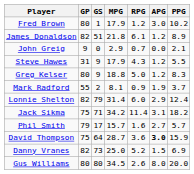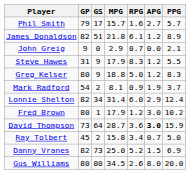 <table class="wikitable">
 <tr>
 <th>Player</th>
 <th>GP</th>
 <th>GS</th>
 <th>MPG</th>
 <th>RPG</th>
 <th>APG</th>
 <th>PPG</th>
 </tr>
 <tr style="text-align: center">
-<td><a href='#'>Fred Brown</a></td>
-<td>80</td>
-<td>1</td>
-<td>17.9</td>
-<td>1.2</td>
-<td>3.0</td>
-<td>10.2</td>
+<td><a href='#'>Phil Smith</a></td>
+<td>79</td>
+<td>17</td>
+<td>15.7</td>
+<td>1.6</td>
+<td>2.7</td>
+<td>5.7</td>
 </tr>
 <tr style="text-align: center">
 <td><a href='#'>James Donaldson</a></td>
 <td>82</td>
 <td>51</td>
 <td>21.8</td>
 <td>6.1</td>
 <td>1.2</td>
 <td>8.9</td>
 </tr>
 <tr style="text-align: center">
 <td><a href='#'>John Greig</a></td>
 <td>9</td>
 <td>0</td>
 <td>2.9</td>
 <td>0.7</td>
 <td>0.0</td>
 <td>2.1</td>
 </tr>
 <tr style="text-align: center">
 <td><a href='#'>Steve Hawes</a></td>
 <td>31</td>
 <td>9</td>
 <td>17.9</td>
-<td>4.3</td>
+<td>8.3</td>
 <td>1.2</td>
 <td>5.5</td>
 </tr>
 <tr style="text-align: center">
 <td><a href='#'>Greg Kelser</a></td>
 <td>80</td>
 <td>9</td>
 <td>18.8</td>
 <td>5.0</td>
 <td>1.2</td>
 <td>8.3</td>
 </tr>
 <tr style="text-align: center">
 <td><a href='#'>Mark Radford</a></td>
-<td>55</td>
+<td>54</td>
 <td>2</td>
 <td>8.1</td>
 <td>0.9</td>
 <td>1.9</td>
 <td>3.7</td>
 </tr>
 <tr style="text-align: center">
 <td><a href='#'>Lonnie Shelton</a></td>
 <td>82</td>
-<td>79</td>
+<td>34</td>
 <td>31.4</td>
 <td>6.0</td>
 <td>2.9</td>
 <td>12.4</td>
 </tr>
 <tr style="text-align: center">
-<td><a href='#'>Jack Sikma</a></td>
-<td>75</td>
-<td>71</td>
-<td>34.2</td>
-<td>11.4</td>
-<td>3.1</td>
-<td>18.2</td>
-</tr>
-<tr style="text-align: center">
-<td><a href='#'>Phil Smith</a></td>
-<td>79</td>
-<td>17</td>
-<td>15.7</td>
-<td>1.6</td>
-<td>2.7</td>
-<td>5.7</td>
+<td><a href='#'>Fred Brown</a></td>
+<td>80</td>
+<td>1</td>
+<td>17.9</td>
+<td>1.2</td>
+<td>3.0</td>
+<td>10.2</td>
 </tr>
 <tr style="text-align: center">
 <td><a href='#'>David Thompson</a></td>
-<td>75</td>
+<td>73</td>
 <td>64</td>
 <td>28.7</td>
 <td>3.6</td>
 <td><strong>3.0</strong></td>
 <td>15.9</td>
+</tr>
+<tr style="text-align: center">
+<td><a href='#'>Ray Tolbert</a></td>
+<td>45</td>
+<td>2</td>
+<td>15.8</td>
+<td>3.4</td>
+<td>0.7</td>
+<td>5.0</td>
 </tr>
 <tr style="text-align: center">
 <td><a href='#'>Danny Vranes</a></td>
 <td>82</td>
 <td>73</td>
 <td>25.0</td>
 <td>5.2</td>
 <td>1.5</td>
 <td>6.9</td>
 </tr>
 <tr style="text-align: center">
 <td><a href='#'>Gus Williams</a></td>
 <td>80</td>
 <td>80</td>
 <td>34.5</td>
 <td>2.6</td>
 <td>8.0</td>
 <td>20.0</td>
 </tr>
 </table>
